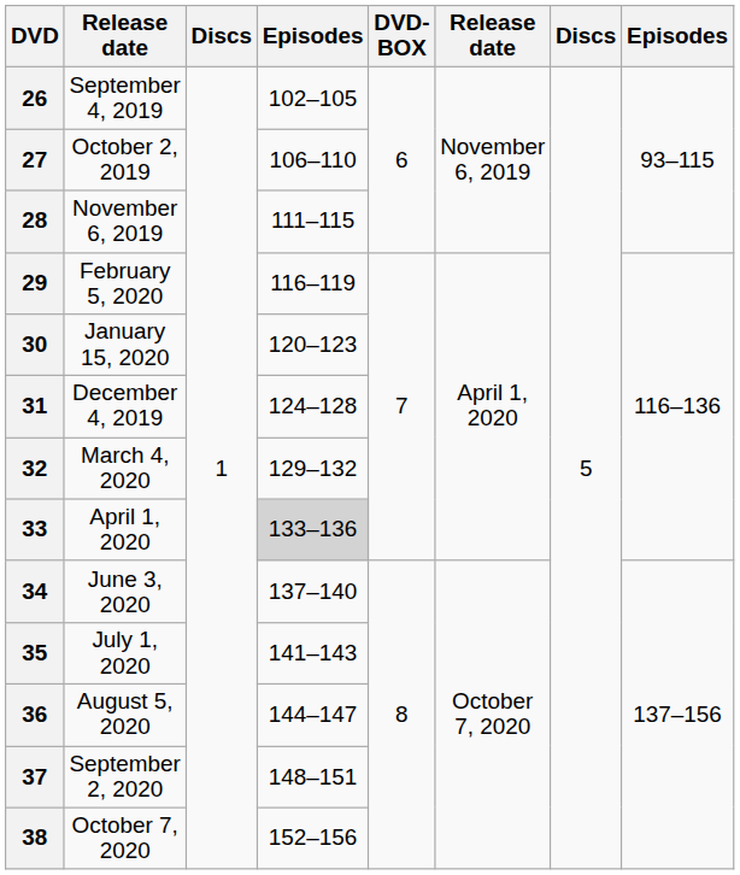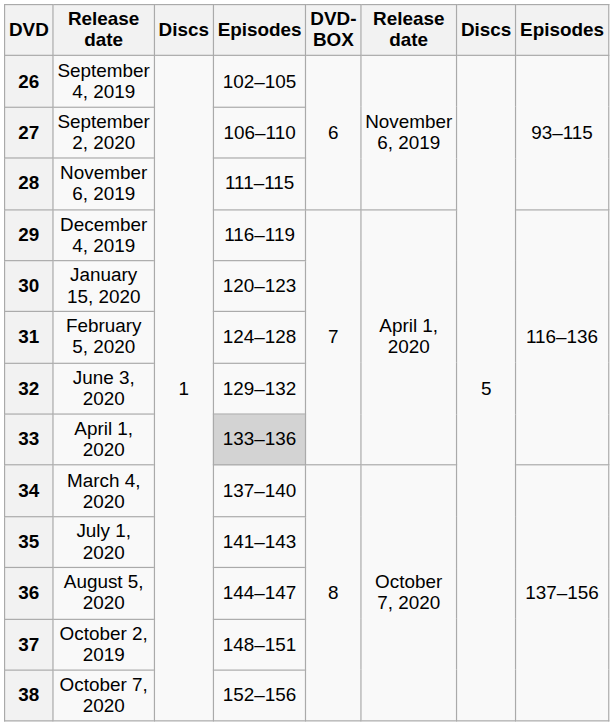 <table class="wikitable" style="text-align: center; width: 38%;">
 <tr>
 <th scope="col" 175px;>DVD</th>
 <th scope="col" 125px;>Release date</th>
 <th scope="col">Discs</th>
 <th scope="col">Episodes</th>
 <th scope="col">DVD-BOX</th>
 <th scope="col">Release date</th>
 <th scope="col">Discs</th>
 <th scope="col">Episodes</th>
 </tr>
 <tr>
 <th scope="row">26</th>
 <td>September 4, 2019</td>
 <td rowspan="15">1</td>
 <td>102–105</td>
 <td rowspan="3">6</td>
 <td rowspan="3">November 6, 2019</td>
 <td rowspan="15">5</td>
 <td rowspan="3">93–115</td>
 </tr>
 <tr>
 <th scope="row">27</th>
-<td>October 2, 2019</td>
+<td>September 2, 2020</td>
 <td>106–110</td>
 </tr>
 <tr>
 <th scope="row">28</th>
 <td>November 6, 2019</td>
 <td>111–115</td>
 </tr>
 <tr>
 <th scope="row">29</th>
-<td>February 5, 2020</td>
+<td>December 4, 2019</td>
 <td>116–119</td>
 <td rowspan="5">7</td>
 <td rowspan="5">April 1, 2020</td>
 <td rowspan="5">116–136</td>
 </tr>
 <tr>
 <th scope="row">30</th>
 <td>January 15, 2020</td>
 <td>120–123</td>
 </tr>
 <tr>
 <th scope="row">31</th>
-<td>December 4, 2019</td>
+<td>February 5, 2020</td>
 <td>124–128</td>
 </tr>
 <tr>
 <th scope="row">32</th>
-<td>March 4, 2020</td>
+<td>June 3, 2020</td>
 <td>129–132</td>
 </tr>
 <tr>
 <th scope="row">33</th>
 <td>April 1, 2020</td>
 <td style="background: lightgrey;">133–136</td>
 </tr>
 <tr>
 <th scope="row">34</th>
-<td>June 3, 2020</td>
+<td>March 4, 2020</td>
 <td>137–140</td>
 <td rowspan="5">8</td>
 <td rowspan="5">October 7, 2020</td>
 <td rowspan="5">137–156</td>
 </tr>
 <tr>
 <th scope="row">35</th>
 <td>July 1, 2020</td>
 <td>141–143</td>
 </tr>
 <tr>
 <th scope="row">36</th>
 <td>August 5, 2020</td>
 <td>144–147</td>
 </tr>
 <tr>
 <th scope="row">37</th>
-<td>September 2, 2020</td>
+<td>October 2, 2019</td>
 <td>148–151</td>
 </tr>
 <tr>
 <th scope="row">38</th>
 <td>October 7, 2020</td>
 <td>152–156</td>
 </tr>
 </table>
